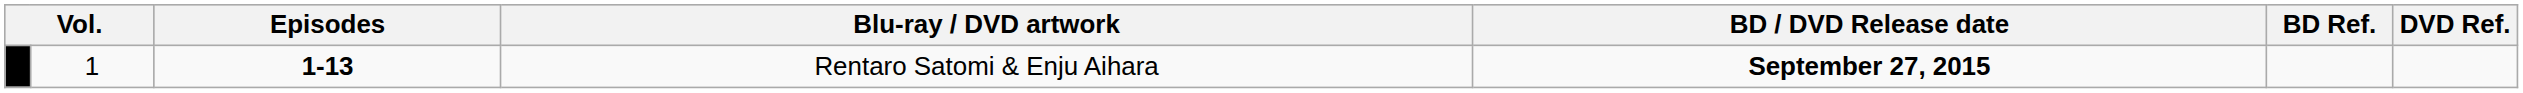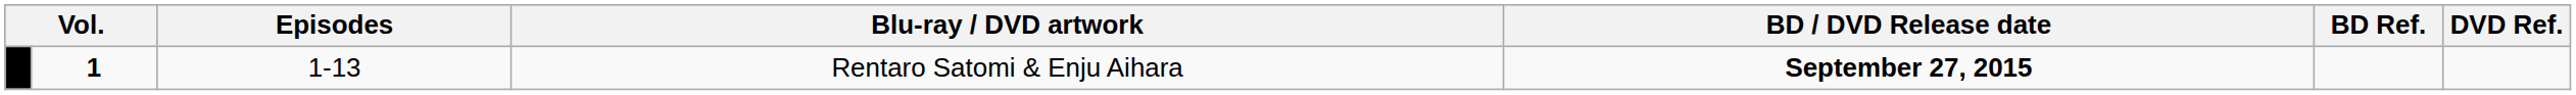 <table class="wikitable" style="text-align: center; width: 98%;">
 <tr>
 <th colspan="2">Vol.</th>
 <th>Episodes</th>
 <th>Blu-ray / DVD artwork</th>
 <th>BD / DVD Release date</th>
 <th width="5%">BD Ref.</th>
 <th width="5%">DVD Ref.</th>
 </tr>
 <tr>
 <td width="1%" style="background: Black;"></td>
-<td>1</td>
-<td><strong>1-13</strong></td>
+<td><strong>1</strong></td>
+<td>1-13</td>
 <td>Rentaro Satomi & Enju Aihara</td>
 <td><strong>September 27, 2015</strong></td>
 <td></td>
 <td></td>
 </tr>
 </table>
